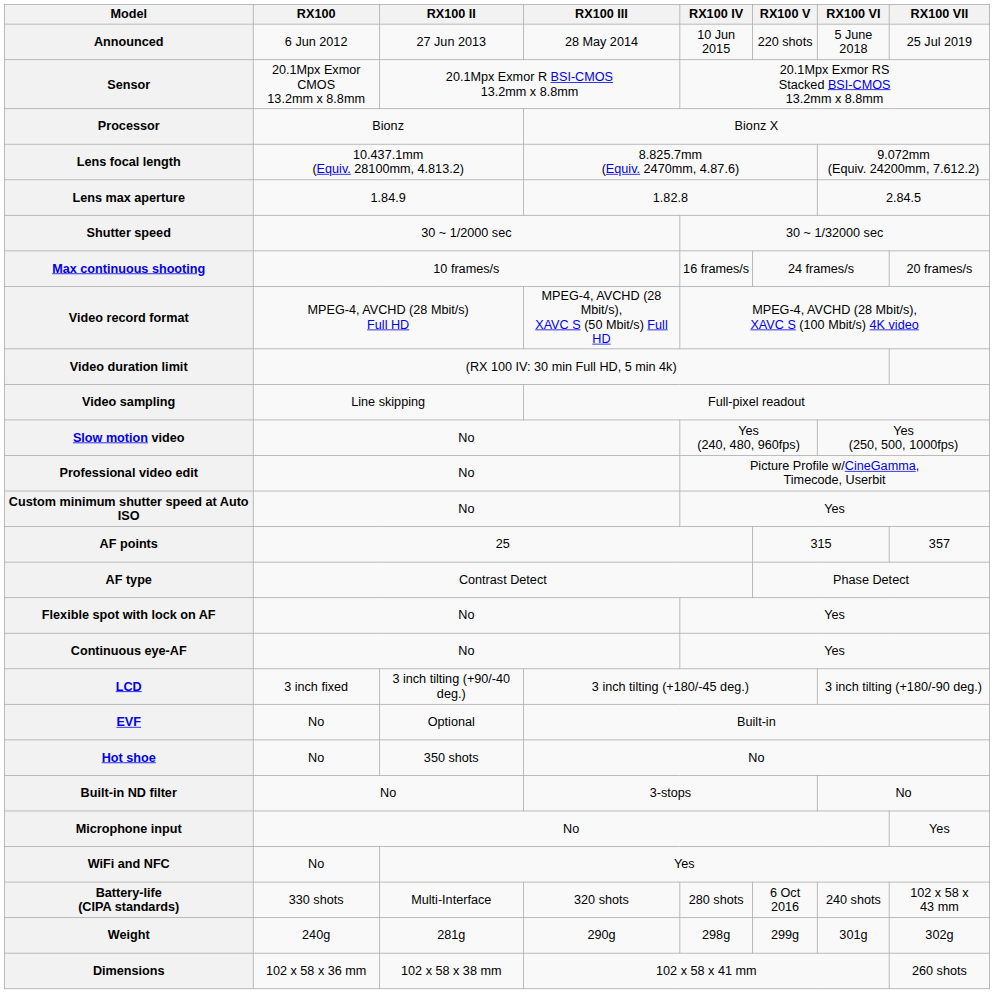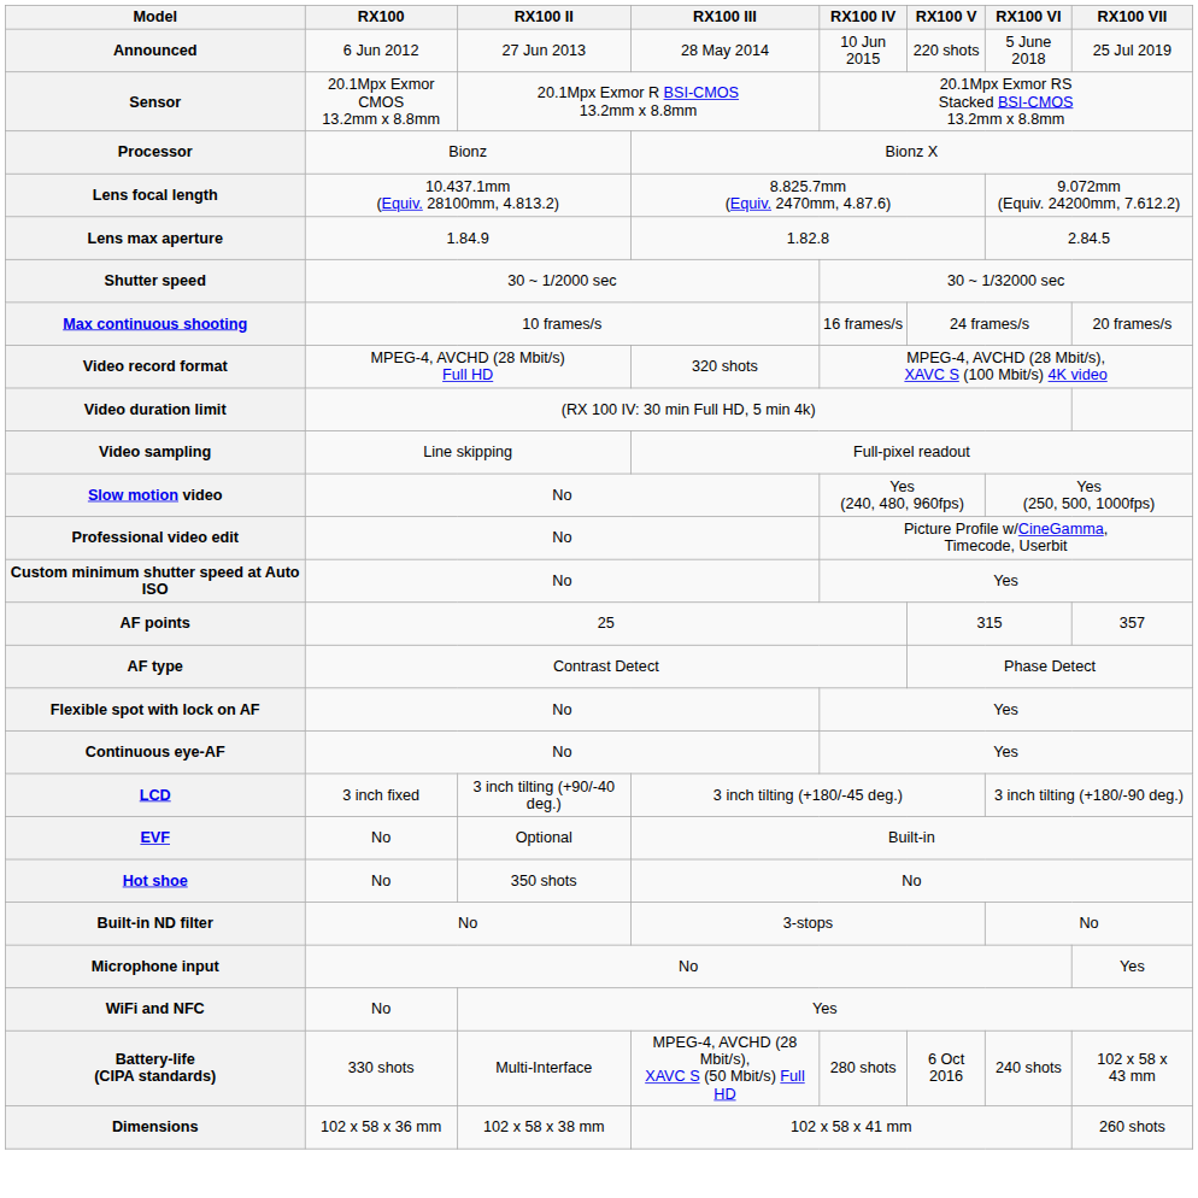 <table style="text-align:center;" class="wikitable">
 <tr style="height: 20px;">
 <th>Model</th>
 <th>RX100</th>
 <th>RX100 II</th>
 <th>RX100 III</th>
 <th>RX100 IV</th>
 <th>RX100 V</th>
 <th>RX100 VI</th>
 <th>RX100 VII</th>
 </tr>
 <tr style="height: 45px;">
 <th>Announced</th>
 <td>6 Jun 2012</td>
 <td>27 Jun 2013</td>
 <td>28 May 2014</td>
 <td>10 Jun 2015</td>
 <td>220 shots</td>
 <td>5 June 2018</td>
 <td>25 Jul 2019</td>
 </tr>
 <tr style="height: 45px;">
 <th>Sensor</th>
 <td>20.1Mpx Exmor CMOS<br>13.2mm x 8.8mm</td>
 <td colspan="2">20.1Mpx Exmor R <a href='#'>BSI-CMOS</a><br>13.2mm x 8.8mm</td>
 <td colspan="4">20.1Mpx Exmor RS<br> Stacked <a href='#'>BSI-CMOS</a><br>13.2mm x 8.8mm</td>
 </tr>
 <tr style="height: 45px;">
 <th>Processor</th>
 <td colspan="2">Bionz</td>
 <td colspan="5">Bionz X</td>
 </tr>
 <tr style="height: 45px;">
 <th>Lens focal length</th>
 <td colspan="2">10.437.1mm<br> (<a href='#'>Equiv.</a> 28100mm, 4.813.2)</td>
 <td colspan="3">8.825.7mm<br>(<a href='#'>Equiv.</a> 2470mm, 4.87.6)</td>
 <td colspan="2">9.072mm<br> (Equiv. 24200mm, 7.612.2)</td>
 </tr>
 <tr style="height: 45px;">
 <th>Lens max aperture</th>
 <td colspan="2">1.84.9</td>
 <td colspan="3">1.82.8</td>
 <td colspan="2">2.84.5</td>
 </tr>
 <tr style="height: 45px;">
 <th>Shutter speed</th>
 <td colspan="3">30 ~ 1/2000 sec</td>
 <td colspan="4">30 ~ 1/32000 sec</td>
 </tr>
 <tr style="height: 45px;">
 <th><a href='#'>Max continuous shooting</a></th>
 <td colspan="3">10 frames/s</td>
 <td>16 frames/s</td>
 <td colspan="2">24 frames/s</td>
 <td>20 frames/s</td>
 </tr>
 <tr style="height: 45px;">
 <th>Video record format</th>
 <td colspan="2">MPEG-4, AVCHD (28 Mbit/s)<br><a href='#'>Full HD</a></td>
-<td>MPEG-4, AVCHD (28 Mbit/s),<br><a href='#'>XAVC S</a> (50 Mbit/s) <a href='#'>Full HD</a></td>
+<td>320 shots</td>
 <td colspan="4">MPEG-4, AVCHD (28 Mbit/s),<br><a href='#'>XAVC S</a> (100 Mbit/s) <a href='#'>4K video</a></td>
 </tr>
 <tr style="height: 45px;">
 <th>Video duration limit</th>
 <td colspan="6"> (RX 100 IV: 30 min Full HD, 5 min 4k)</td>
 <td colspan="1"></td>
 </tr>
 <tr style="height: 45px;">
 <th>Video sampling</th>
 <td colspan="2">Line skipping</td>
 <td colspan="5">Full-pixel readout</td>
 </tr>
 <tr style="height: 45px;">
 <th><a href='#'>Slow motion</a> video</th>
 <td colspan="3">No</td>
 <td colspan="2">Yes<br>(240, 480, 960fps)</td>
 <td colspan="2">Yes<br>(250, 500, 1000fps)</td>
 </tr>
 <tr style="height: 45px;">
 <th>Professional video edit</th>
 <td colspan="3">No</td>
 <td colspan="4">Picture Profile w/<a href='#'>CineGamma</a>,<br>Timecode, Userbit</td>
 </tr>
 <tr style="height: 45px;">
 <th>Custom minimum shutter speed at Auto ISO</th>
 <td colspan="3">No</td>
 <td colspan="4">Yes</td>
 </tr>
 <tr style="height: 45px;">
 <th>AF points</th>
 <td colspan="4">25</td>
 <td colspan="2">315</td>
 <td>357</td>
 </tr>
 <tr style="height: 45px;">
 <th>AF type</th>
 <td colspan="4">Contrast Detect</td>
 <td colspan="3">Phase Detect</td>
 </tr>
 <tr style="height: 45px;">
 <th>Flexible spot with lock on AF</th>
 <td colspan="3">No</td>
 <td colspan="4">Yes</td>
 </tr>
 <tr style="height: 45px;">
 <th>Continuous eye-AF</th>
 <td colspan="3">No</td>
 <td colspan="4">Yes</td>
 </tr>
 <tr style="height: 45px;">
 <th><a href='#'>LCD</a></th>
 <td>3 inch fixed</td>
 <td>3 inch tilting (+90/-40 deg.)</td>
 <td colspan="3">3 inch tilting (+180/-45 deg.)</td>
 <td colspan="2">3 inch tilting (+180/-90 deg.)</td>
 </tr>
 <tr style="height: 45px;">
 <th><a href='#'>EVF</a></th>
 <td>No</td>
 <td>Optional</td>
 <td colspan="5">Built-in</td>
 </tr>
 <tr style="height: 45px;">
 <th><a href='#'>Hot shoe</a></th>
 <td>No</td>
 <td>350 shots</td>
 <td colspan="5">No</td>
 </tr>
 <tr style="height: 45px;">
 <th>Built-in ND filter</th>
 <td colspan="2">No</td>
 <td colspan="3">3-stops</td>
 <td colspan="2">No</td>
 </tr>
 <tr style="height: 45px;">
 <th>Microphone input</th>
 <td colspan="6">No</td>
 <td colspan="1">Yes</td>
 </tr>
 <tr style="height: 45px;">
 <th>WiFi and NFC</th>
 <td>No</td>
 <td colspan="6">Yes</td>
 </tr>
 <tr style="height: 45px;">
 <th>Battery-life<br>(CIPA standards)</th>
 <td>330 shots</td>
 <td>Multi-Interface</td>
-<td>320 shots</td>
+<td>MPEG-4, AVCHD (28 Mbit/s),<br><a href='#'>XAVC S</a> (50 Mbit/s) <a href='#'>Full HD</a></td>
 <td>280 shots</td>
 <td>6 Oct 2016</td>
 <td>240 shots</td>
 <td>102 x 58 x 43 mm</td>
-</tr>
-<tr style="height: 45px;">
-<th>Weight</th>
-<td>240g</td>
-<td>281g</td>
-<td>290g</td>
-<td>298g</td>
-<td>299g</td>
-<td>301g</td>
-<td>302g</td>
 </tr>
 <tr style="height: 45px;">
 <th>Dimensions</th>
 <td>102 x 58 x 36 mm</td>
 <td>102 x 58 x 38 mm</td>
 <td colspan="4">102 x 58 x 41 mm</td>
 <td>260 shots</td>
 </tr>
 </table>
